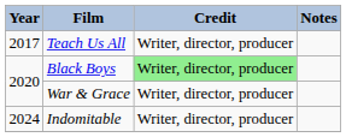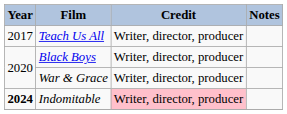 <table class="wikitable" style="font-size:95%;">
 <tr>
 <th style="background:#B0C4DE;">Year</th>
 <th style="background:#B0C4DE;">Film</th>
 <th style="background:#B0C4DE;">Credit</th>
 <th style="background:#B0C4DE;">Notes</th>
 </tr>
 <tr>
 <td>2017</td>
 <td><em><a href='#'>Teach Us All</a></em></td>
 <td>Writer, director, producer</td>
 <td></td>
 </tr>
 <tr>
 <td rowspan=2>2020</td>
 <td><em><a href='#'>Black Boys</a></em></td>
-<td style="background: lightgreen;">Writer, director, producer</td>
+<td>Writer, director, producer</td>
 <td></td>
 </tr>
 <tr>
 <td><em>War & Grace</em></td>
 <td>Writer, director, producer</td>
 <td></td>
 </tr>
 <tr>
-<td>2024</td>
+<td><strong>2024</strong></td>
 <td><em>Indomitable</em></td>
-<td>Writer, director, producer</td>
+<td style="background: pink;">Writer, director, producer</td>
 <td></td>
 </tr>
 <tr>
 </tr>
 </table>
